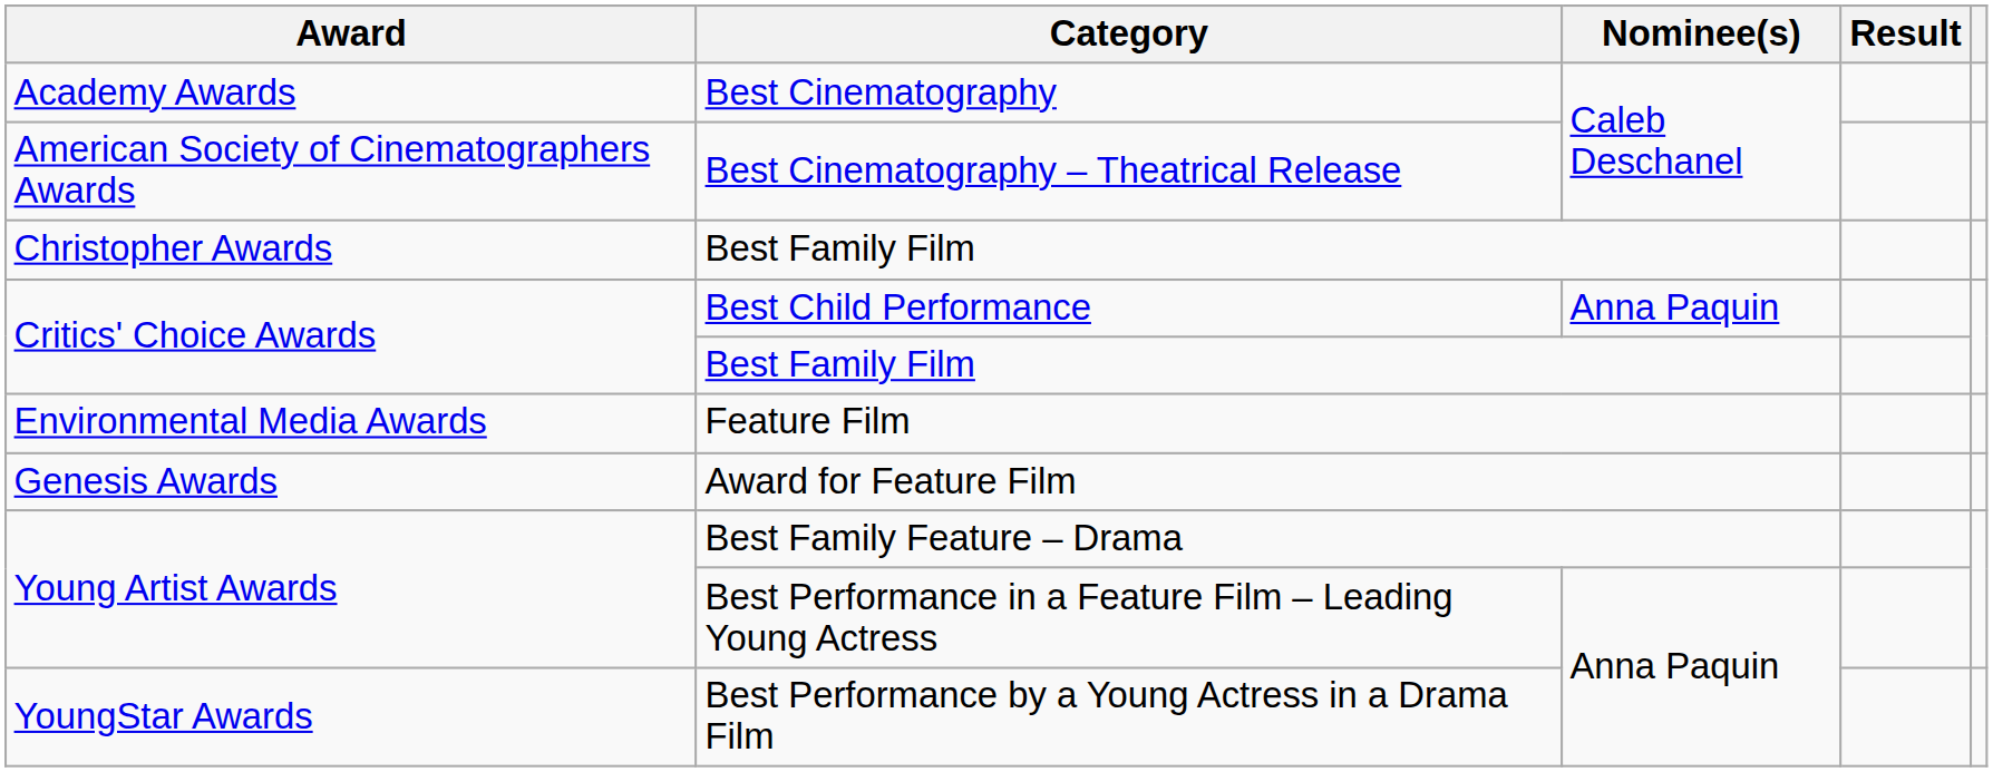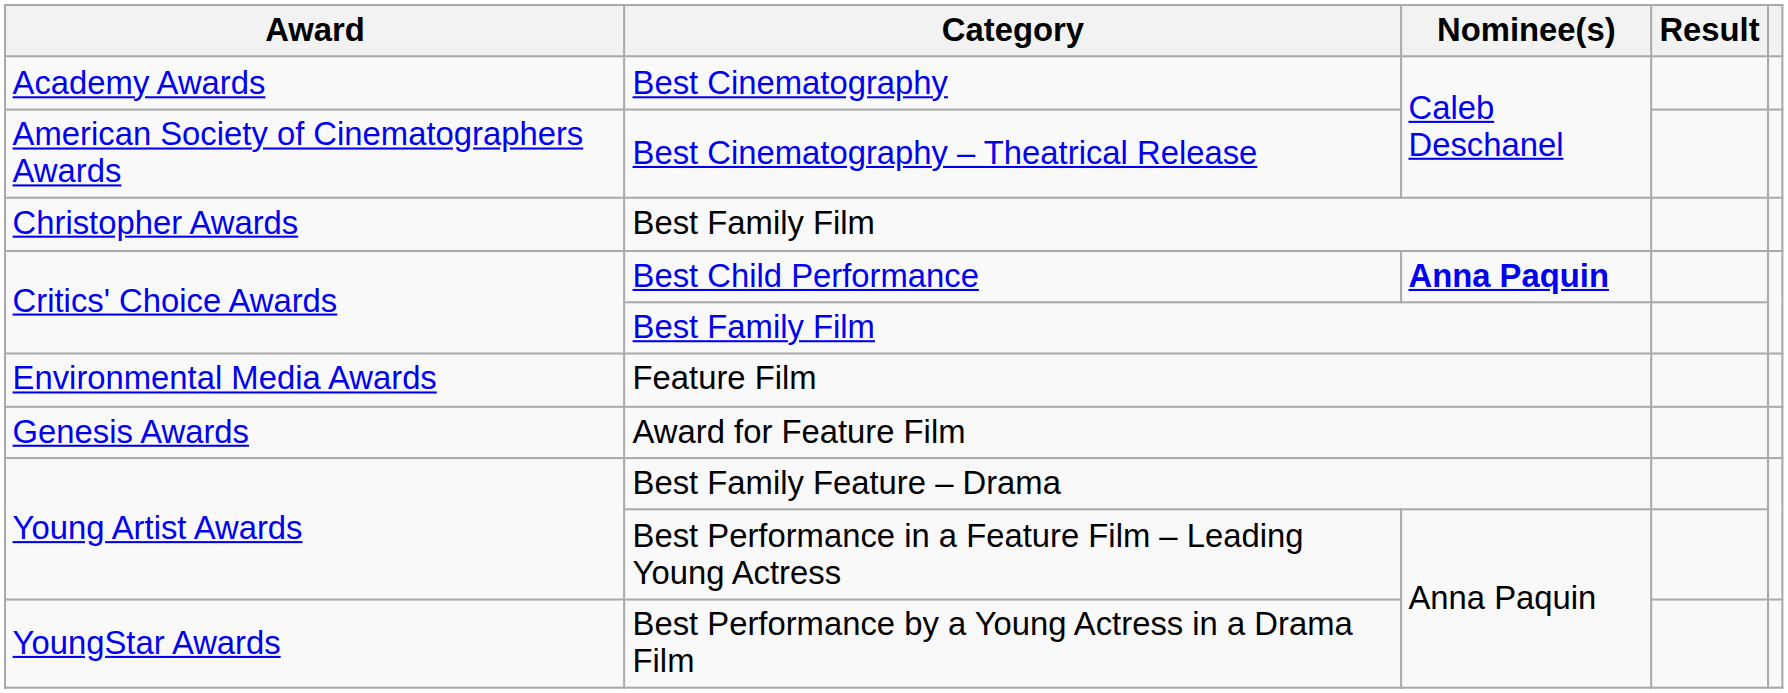 <table class="wikitable">
 <tr>
 <th>Award</th>
 <th>Category</th>
 <th>Nominee(s)</th>
 <th>Result</th>
 <th></th>
 </tr>
 <tr>
 <td><a href='#'>Academy Awards</a></td>
 <td><a href='#'>Best Cinematography</a></td>
 <td rowspan="2"><a href='#'>Caleb Deschanel</a></td>
 <td></td>
 <td></td>
 </tr>
 <tr>
 <td><a href='#'>American Society of Cinematographers Awards</a></td>
 <td><a href='#'>Best Cinematography – Theatrical Release</a></td>
 <td></td>
 <td></td>
 </tr>
 <tr>
 <td><a href='#'>Christopher Awards</a></td>
 <td colspan=2>Best Family Film</td>
 <td></td>
 <td></td>
 </tr>
 <tr>
 <td rowspan=2><a href='#'>Critics' Choice Awards</a></td>
 <td><a href='#'>Best Child Performance</a></td>
-<td><a href='#'>Anna Paquin</a></td>
+<td><strong><a href='#'>Anna Paquin</a></strong></td>
 <td></td>
 <td rowspan=2></td>
 </tr>
 <tr>
 <td colspan=2><a href='#'>Best Family Film</a></td>
 <td></td>
 </tr>
 <tr>
 <td><a href='#'>Environmental Media Awards</a></td>
 <td colspan=2>Feature Film</td>
 <td></td>
 <td></td>
 </tr>
 <tr>
 <td><a href='#'>Genesis Awards</a></td>
 <td colspan=2>Award for Feature Film</td>
 <td></td>
 <td></td>
 </tr>
 <tr>
 <td rowspan="2"><a href='#'>Young Artist Awards</a></td>
 <td colspan=2>Best Family Feature – Drama</td>
 <td></td>
 <td rowspan="2"></td>
 </tr>
 <tr>
 <td>Best Performance in a Feature Film – Leading Young Actress</td>
 <td rowspan="2">Anna Paquin</td>
 <td></td>
 </tr>
 <tr>
 <td><a href='#'>YoungStar Awards</a></td>
 <td>Best Performance by a Young Actress in a Drama Film</td>
 <td></td>
 <td></td>
 </tr>
 </table>
